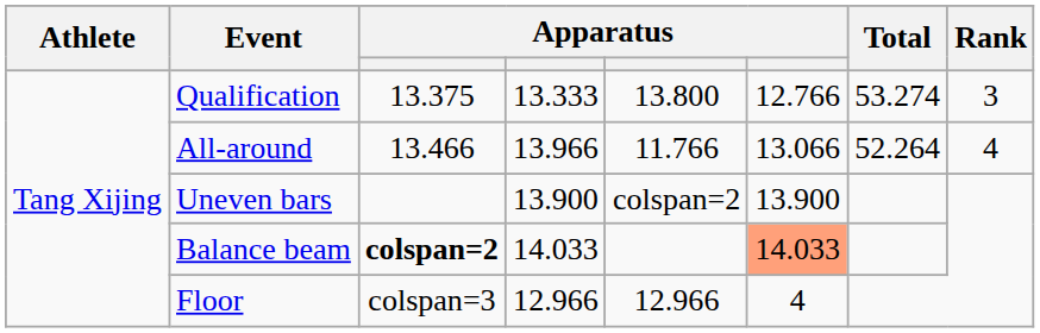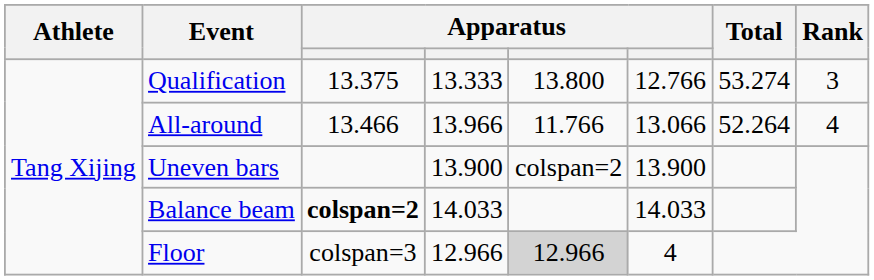 <table class="wikitable" style="text-align:center;font-size:90%">
 <tr>
 <th rowspan=2>Athlete</th>
 <th rowspan=2>Event</th>
 <th colspan=4>Apparatus</th>
 <th rowspan=2>Total</th>
 <th rowspan=2>Rank</th>
 </tr>
 <tr style="font-size:95%">
 <th></th>
 <th></th>
 <th></th>
 <th></th>
 </tr>
 <tr>
 <td rowspan=5 align=left><a href='#'>Tang Xijing</a></td>
 <td align=left><a href='#'>Qualification</a></td>
 <td>13.375</td>
 <td>13.333</td>
 <td>13.800</td>
 <td>12.766</td>
 <td>53.274</td>
 <td>3</td>
 </tr>
 <tr>
 <td align=left><a href='#'>All-around</a></td>
 <td>13.466</td>
 <td>13.966</td>
 <td>11.766</td>
 <td>13.066</td>
 <td>52.264</td>
 <td>4</td>
 </tr>
 <tr>
 <td align=left><a href='#'>Uneven bars</a></td>
 <td></td>
 <td>13.900</td>
 <td>colspan=2 </td>
 <td>13.900</td>
 <td></td>
 </tr>
 <tr>
 <td align=left><a href='#'>Balance beam</a></td>
 <td><strong>colspan=2 </strong></td>
 <td>14.033</td>
 <td></td>
-<td style="background: lightsalmon;">14.033</td>
+<td>14.033</td>
 <td></td>
 </tr>
 <tr>
 <td align=left><a href='#'>Floor</a></td>
 <td>colspan=3 </td>
 <td>12.966</td>
-<td>12.966</td>
+<td style="background: lightgrey;">12.966</td>
 <td>4</td>
 </tr>
 </table>
